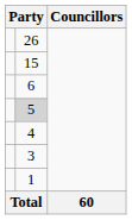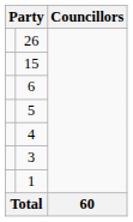 <table class="wikitable">
 <tr>
 <th colspan=2>Party</th>
 <th>Councillors</th>
 </tr>
 <tr>
 <td></td>
 <td align=center>26</td>
 </tr>
 <tr>
 <td></td>
 <td align=center>15</td>
 </tr>
 <tr>
 <td></td>
 <td align=center>6</td>
 </tr>
 <tr>
 <td></td>
-<td align=center style="background: lightgrey;">5</td>
+<td align=center>5</td>
 </tr>
 <tr>
 <td></td>
 <td align=center>4</td>
 </tr>
 <tr>
 <td></td>
 <td align=center>3</td>
 </tr>
 <tr>
 <td></td>
 <td align=center>1</td>
 </tr>
 <tr>
 <th colspan=2>Total</th>
 <th align=center>60</th>
 </tr>
 </table>
